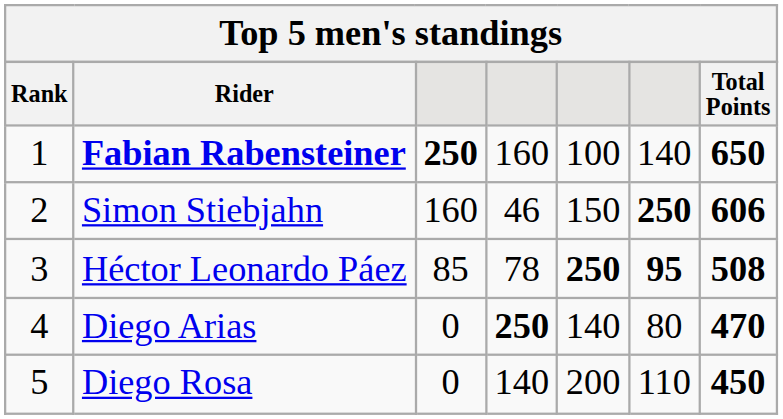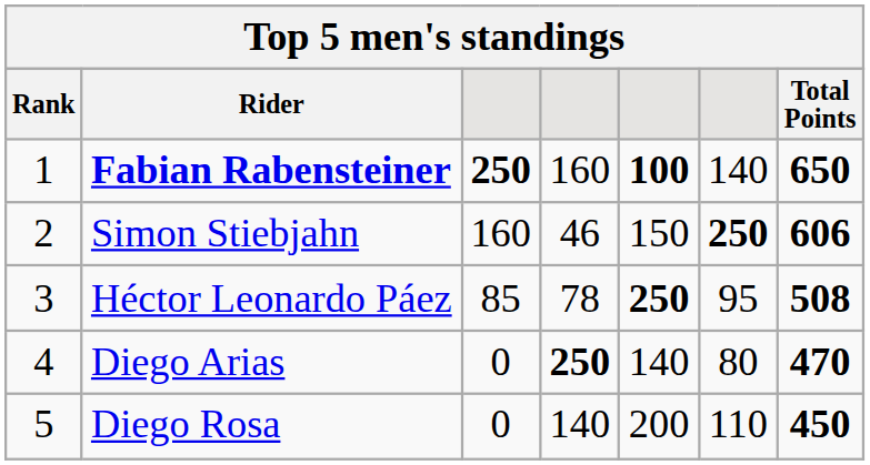 <table class="wikitable sortable">
 <tr>
 <th colspan=27 align="center"><strong>Top 5 men's standings</strong></th>
 </tr>
 <tr>
 </tr>
 <tr style="font-size:8pt;font-weight:bold">
 <th align="center">Rank</th>
 <th align="center">Rider</th>
 <th class=unsortable style="background:#E5E4E2;"><small></small></th>
 <th class=unsortable style="background:#E5E4E2;"><small></small></th>
 <th class=unsortable style="background:#E5E4E2;"><small></small></th>
 <th class=unsortable style="background:#E5E4E2;"><small></small></th>
 <th align="center">Total<br>Points</th>
 </tr>
 <tr>
 <td align=center>1</td>
 <td> <strong><a href='#'>Fabian Rabensteiner</a></strong></td>
 <td align=center><strong>250</strong></td>
 <td align=center>160</td>
-<td align=center>100</td>
+<td align=center><strong>100</strong></td>
 <td align=center>140</td>
 <td align=center><strong>650</strong></td>
 </tr>
 <tr>
 <td align=center>2</td>
 <td> <a href='#'>Simon Stiebjahn</a></td>
 <td align=center>160</td>
 <td align=center>46</td>
 <td align=center>150</td>
 <td align=center><strong>250</strong></td>
 <td align=center><strong>606</strong></td>
 </tr>
 <tr>
 <td align=center>3</td>
 <td> <a href='#'>Héctor Leonardo Páez</a></td>
 <td align=center>85</td>
 <td align=center>78</td>
 <td align=center><strong>250</strong></td>
-<td align=center><strong>95</strong></td>
+<td align=center>95</td>
 <td align=center><strong>508</strong></td>
 </tr>
 <tr>
 <td align=center>4</td>
 <td> <a href='#'>Diego Arias</a></td>
 <td align=center>0</td>
 <td align=center><strong>250</strong></td>
 <td align=center>140</td>
 <td align=center>80</td>
 <td align=center><strong>470</strong></td>
 </tr>
 <tr>
 <td align=center>5</td>
 <td> <a href='#'>Diego Rosa</a></td>
 <td align=center>0</td>
 <td align=center>140</td>
 <td align=center>200</td>
 <td align=center>110</td>
 <td align=center><strong>450</strong><br></td>
 </tr>
 </table>
